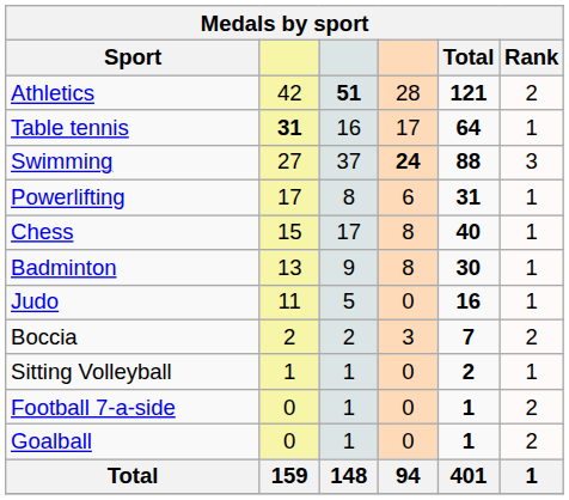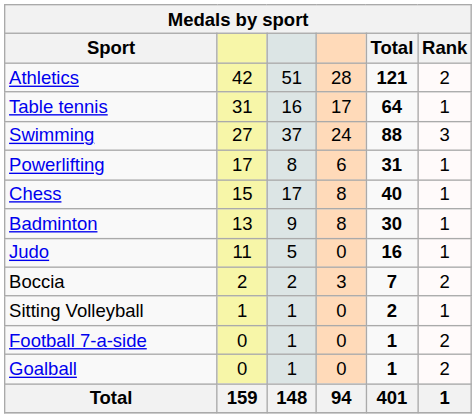 <table class="wikitable" style=font-size:85%;float:center;text-align:center>
 <tr>
 <th colspan=6><strong>Medals by sport</strong></th>
 </tr>
 <tr>
 <th width=150>Sport</th>
 <th scope="col" width=30 style="background:#F7F6A8;"></th>
 <th scope="col" width=30 style="background:#DCE5E5;"></th>
 <th scope="col" width=30 style="background:#FFDAB9;"></th>
 <th width=30>Total</th>
 <th width=30>Rank</th>
 </tr>
 <tr>
 <td align=left> <a href='#'>Athletics</a></td>
 <td style="background:#F7F6A8;">42</td>
-<td style="background:#DCE5E5;"><strong>51</strong></td>
+<td style="background:#DCE5E5;">51</td>
 <td style="background:#FFDAB9;">28</td>
 <td><strong>121</strong></td>
 <td style="background:#FFFAFA;">2</td>
 </tr>
 <tr>
 <td align=left> <a href='#'>Table tennis</a></td>
-<td style="background:#F7F6A8;"><strong>31</strong></td>
+<td style="background:#F7F6A8;">31</td>
 <td style="background:#DCE5E5;">16</td>
 <td style="background:#FFDAB9;">17</td>
 <td><strong>64</strong></td>
 <td style="background:#FFFAFA;">1</td>
 </tr>
 <tr>
 <td align=left> <a href='#'>Swimming</a></td>
 <td style="background:#F7F6A8;">27</td>
 <td style="background:#DCE5E5;">37</td>
-<td style="background:#FFDAB9;"><strong>24</strong></td>
+<td style="background:#FFDAB9;">24</td>
 <td><strong>88</strong></td>
 <td style="background:#FFFAFA;">3</td>
 </tr>
 <tr>
 <td align=left> <a href='#'>Powerlifting</a></td>
 <td style="background:#F7F6A8;">17</td>
 <td style="background:#DCE5E5;">8</td>
 <td style="background:#FFDAB9;">6</td>
 <td><strong>31</strong></td>
 <td style="background:#FFFAFA;">1</td>
 </tr>
 <tr>
 <td align=left> <a href='#'>Chess</a></td>
 <td style="background:#F7F6A8;">15</td>
 <td style="background:#DCE5E5;">17</td>
 <td style="background:#FFDAB9;">8</td>
 <td><strong>40</strong></td>
 <td style="background:#FFFAFA;">1</td>
 </tr>
 <tr>
 <td align=left> <a href='#'>Badminton</a></td>
 <td style="background:#F7F6A8;">13</td>
 <td style="background:#DCE5E5;">9</td>
 <td style="background:#FFDAB9;">8</td>
 <td><strong>30</strong></td>
 <td style="background:#FFFAFA;">1</td>
 </tr>
 <tr>
 <td align=left> <a href='#'>Judo</a></td>
 <td style="background:#F7F6A8;">11</td>
 <td style="background:#DCE5E5;">5</td>
 <td style="background:#FFDAB9;">0</td>
 <td><strong>16</strong></td>
 <td style="background:#FFFAFA;">1</td>
 </tr>
 <tr>
 <td align=left> Boccia</td>
 <td style="background:#F7F6A8;">2</td>
 <td style="background:#DCE5E5;">2</td>
 <td style="background:#FFDAB9;">3</td>
 <td><strong>7</strong></td>
 <td style="background:#FFFAFA;">2</td>
 </tr>
 <tr>
 <td align=left> Sitting Volleyball</td>
 <td style="background:#F7F6A8;">1</td>
 <td style="background:#DCE5E5;">1</td>
 <td style="background:#FFDAB9;">0</td>
 <td><strong>2</strong></td>
 <td style="background:#FFFAFA;">1</td>
 </tr>
 <tr>
 <td align=left> <a href='#'>Football 7-a-side</a></td>
 <td style="background:#F7F6A8;">0</td>
 <td style="background:#DCE5E5;">1</td>
 <td style="background:#FFDAB9;">0</td>
 <td><strong>1</strong></td>
 <td style="background:#FFFAFA;">2</td>
 </tr>
 <tr>
 <td align=left> <a href='#'>Goalball</a></td>
 <td style="background:#F7F6A8;">0</td>
 <td style="background:#DCE5E5;">1</td>
 <td style="background:#FFDAB9;">0</td>
 <td><strong>1</strong></td>
 <td style="background:#FFFAFA;">2</td>
 </tr>
 <tr>
 <th colspan="1">Total</th>
 <th>159</th>
 <th>148</th>
 <th>94</th>
 <th>401</th>
 <th>1</th>
 </tr>
 <tr>
 </tr>
 </table>
